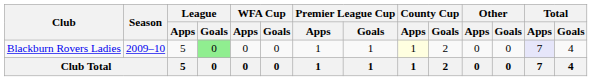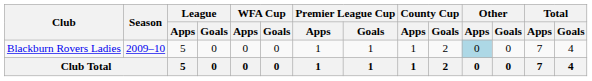 <table class="wikitable" border="1" style="text-align: center;">
 <tr>
 <th rowspan="2">Club</th>
 <th rowspan="2">Season</th>
 <th colspan="2">League</th>
 <th colspan="2">WFA Cup</th>
 <th colspan="2">Premier League Cup</th>
 <th colspan="2">County Cup</th>
 <th colspan="2">Other</th>
 <th colspan="2">Total</th>
 </tr>
 <tr>
 <th>Apps</th>
 <th>Goals</th>
 <th>Apps</th>
 <th>Goals</th>
 <th>Apps</th>
 <th>Goals</th>
 <th>Apps</th>
 <th>Goals</th>
 <th>Apps</th>
 <th>Goals</th>
 <th>Apps</th>
 <th>Goals</th>
 </tr>
 <tr>
 <td rowspan="1" valign="center"><a href='#'>Blackburn Rovers Ladies</a></td>
 <td><a href='#'>2009–10</a></td>
 <td>5</td>
-<td style="background: lightgreen;">0</td>
+<td>0</td>
 <td>0</td>
 <td>0</td>
 <td>1</td>
 <td>1</td>
-<td style="background: lightyellow;">1</td>
+<td>1</td>
 <td>2</td>
+<td style="background: lightblue;">0</td>
 <td>0</td>
-<td>0</td>
-<td style="background: lavender;">7</td>
+<td>7</td>
 <td>4</td>
 </tr>
 <tr>
 <th colspan="2">Club Total</th>
 <th>5</th>
 <th>0</th>
 <th>0</th>
 <th>0</th>
 <th>1</th>
 <th>1</th>
 <th>1</th>
 <th>2</th>
 <th>0</th>
 <th>0</th>
 <th>7</th>
 <th>4</th>
 </tr>
 </table>
